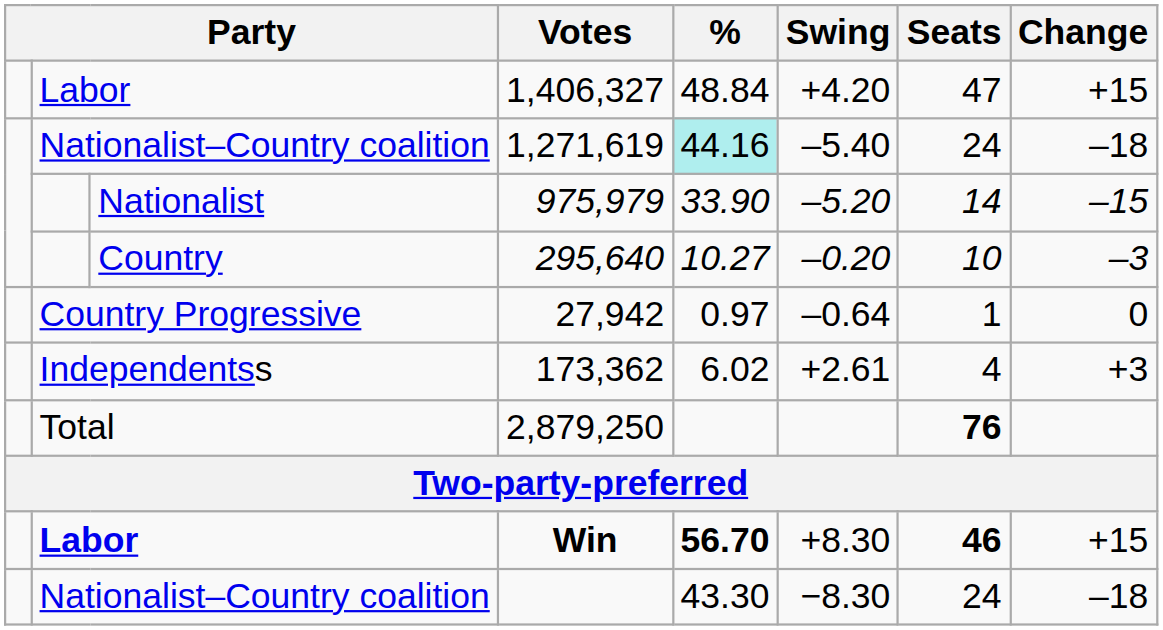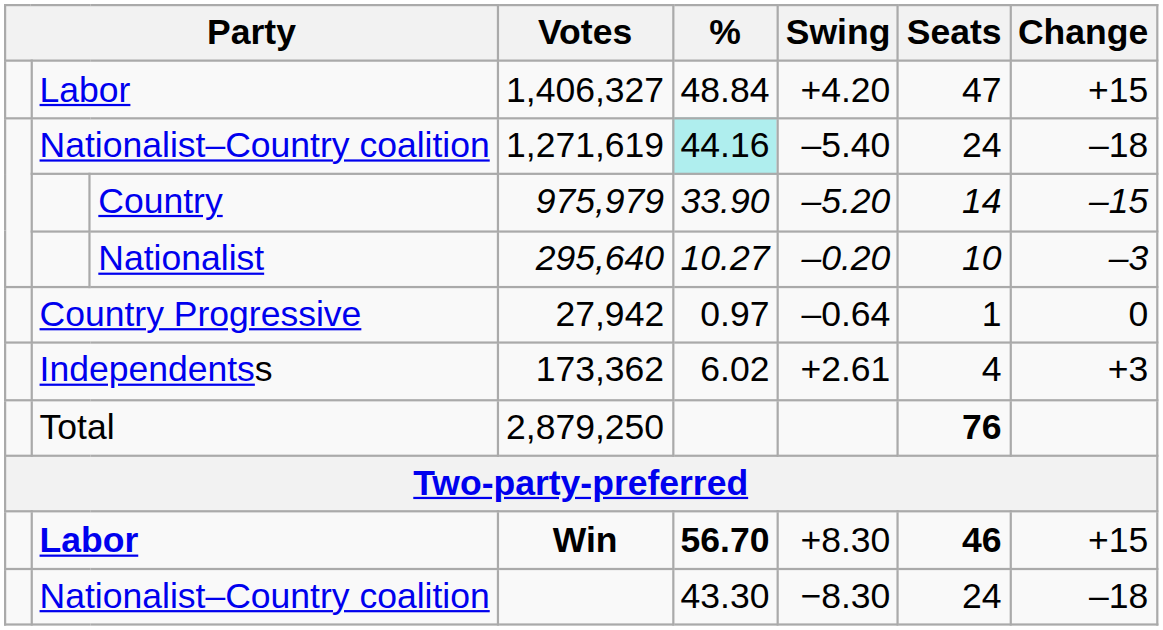 <table class="wikitable">
 <tr>
 <th colspan=3 style="width:180px" align=center>Party</th>
 <th style="width:70px">Votes</th>
 <th style="width:40px">%</th>
 <th style="width:40px">Swing</th>
 <th style="width:40px">Seats</th>
 <th style="width:40px">Change</th>
 </tr>
 <tr>
 <td> </td>
 <td colspan=2><a href='#'>Labor</a></td>
 <td style="text-align:right">1,406,327</td>
 <td style="text-align:right">48.84</td>
 <td style="text-align:right">+4.20</td>
 <td style="text-align:right">47</td>
 <td style="text-align:right">+15</td>
 </tr>
 <tr>
 <td rowspan=3> </td>
 <td colspan=2><a href='#'>Nationalist–Country coalition</a></td>
 <td align=right>1,271,619</td>
 <td align=right style="background: paleturquoise;">44.16</td>
 <td align=right>–5.40</td>
 <td align=right>24</td>
 <td align=right>–18</td>
 </tr>
 <tr>
 <td> </td>
-<td><a href='#'>Nationalist</a></td>
+<td><a href='#'>Country</a></td>
 <td style="text-align:right"><em>975,979</em></td>
 <td style="text-align:right"><em>33.90</em></td>
 <td style="text-align:right"><em>–5.20</em></td>
 <td style="text-align:right"><em>14</em></td>
 <td style="text-align:right"><em>–15</em></td>
 </tr>
 <tr>
 <td> </td>
-<td><a href='#'>Country</a></td>
+<td><a href='#'>Nationalist</a></td>
 <td style="text-align:right"><em>295,640</em></td>
 <td style="text-align:right"><em>10.27</em></td>
 <td style="text-align:right"><em>–0.20</em></td>
 <td style="text-align:right"><em>10</em></td>
 <td style="text-align:right"><em>–3</em></td>
 </tr>
 <tr>
 <td> </td>
 <td colspan=2><a href='#'>Country Progressive</a></td>
 <td style="text-align:right">27,942</td>
 <td style="text-align:right">0.97</td>
 <td style="text-align:right">–0.64</td>
 <td style="text-align:right">1</td>
 <td style="text-align:right">0</td>
 </tr>
 <tr>
 <td> </td>
 <td colspan=2><a href='#'>Independents</a>s</td>
 <td style="text-align:right">173,362</td>
 <td style="text-align:right">6.02</td>
 <td style="text-align:right">+2.61</td>
 <td style="text-align:right">4</td>
 <td style="text-align:right">+3</td>
 </tr>
 <tr>
 <td> </td>
 <td colspan=2>Total</td>
 <td style="text-align:right">2,879,250</td>
 <td style="text-align:right"> </td>
 <td style="text-align:right"> </td>
 <td style="text-align:right"><strong>76</strong></td>
 <td style="text-align:right"></td>
 </tr>
 <tr>
 <th colspan=8 align=center><a href='#'>Two-party-preferred</a> </th>
 </tr>
 <tr>
 <td> </td>
 <td colspan=2><strong><a href='#'>Labor</a></strong></td>
 <td style="text-align:center"><strong>Win</strong></td>
 <td style="text-align:right"><strong>56.70</strong></td>
 <td style="text-align:right">+8.30</td>
 <td style="text-align:right"><strong>46</strong></td>
 <td style="text-align:right">+15</td>
 </tr>
 <tr>
 <td> </td>
 <td colspan=2><a href='#'>Nationalist–Country coalition</a></td>
 <td style="text-align:center"></td>
 <td style="text-align:right">43.30</td>
 <td style="text-align:right">−8.30</td>
 <td style="text-align:right">24</td>
 <td style="text-align:right">–18</td>
 </tr>
 </table>
